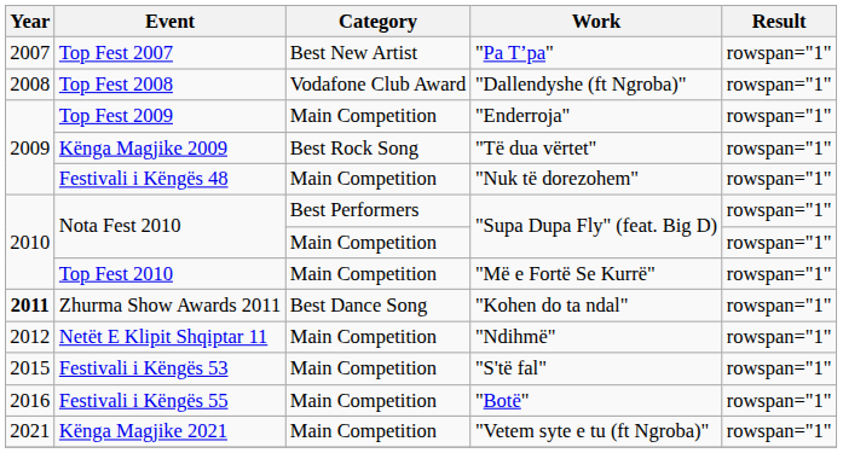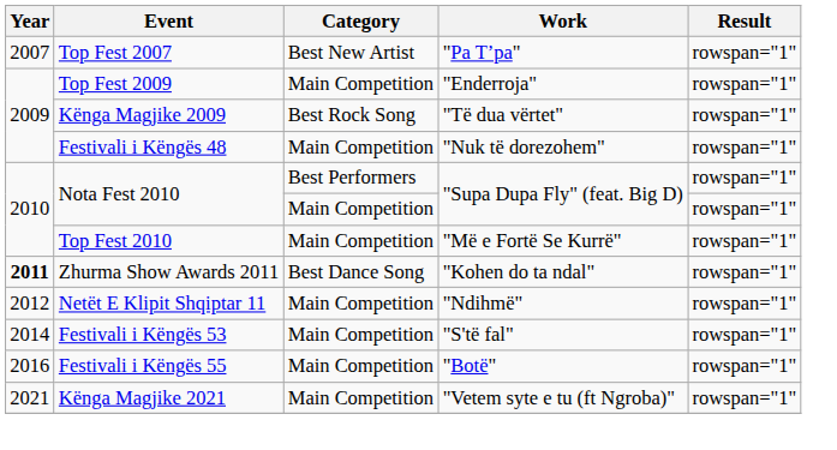 <table class="wikitable">
 <tr>
 <th scope="col">Year</th>
 <th scope="col">Event</th>
 <th scope="col">Category</th>
 <th scope="col">Work</th>
 <th scope="col">Result</th>
 </tr>
 <tr>
 <td rowspan="1" style="text-align:center;">2007</td>
 <td><a href='#'>Top Fest 2007</a></td>
 <td>Best New Artist</td>
 <td>"<a href='#'>Pa T’pa</a>"</td>
-<td>rowspan="1" </td>
-</tr>
-<tr>
-<td rowspan="1" style="text-align:center;">2008</td>
-<td><a href='#'>Top Fest 2008</a></td>
-<td>Vodafone Club Award</td>
-<td>"Dallendyshe (ft Ngroba)"</td>
 <td>rowspan="1" </td>
 </tr>
 <tr>
 <td rowspan="3" style="text-align:center;">2009</td>
 <td><a href='#'>Top Fest 2009</a></td>
 <td>Main Competition</td>
 <td>"Enderroja"</td>
 <td>rowspan="1" </td>
 </tr>
 <tr>
 <td><a href='#'>Kënga Magjike 2009</a></td>
 <td>Best Rock Song</td>
 <td>"Të dua vërtet"</td>
 <td>rowspan="1" </td>
 </tr>
 <tr>
 <td><a href='#'>Festivali i Këngës 48</a></td>
 <td>Main Competition</td>
 <td>"Nuk të dorezohem"</td>
 <td>rowspan="1" </td>
 </tr>
 <tr>
 <td rowspan="3" style="text-align:center;">2010</td>
 <td rowspan=2>Nota Fest 2010</td>
 <td>Best Performers</td>
 <td rowspan=2>"Supa Dupa Fly" (feat. Big D)</td>
 <td>rowspan="1" </td>
 </tr>
 <tr>
 <td>Main Competition</td>
 <td>rowspan="1" </td>
 </tr>
 <tr>
 <td><a href='#'>Top Fest 2010</a></td>
 <td>Main Competition</td>
 <td>"Më e Fortë Se Kurrë"</td>
 <td>rowspan="1" </td>
 </tr>
 <tr>
 <td rowspan="1" style="text-align:center;"><strong>2011</strong></td>
 <td>Zhurma Show Awards 2011</td>
 <td>Best Dance Song</td>
 <td>"Kohen do ta ndal"</td>
 <td>rowspan="1" </td>
 </tr>
 <tr>
 <td rowspan="1" style="text-align:center;">2012</td>
 <td><a href='#'>Netët E Klipit Shqiptar 11</a></td>
 <td>Main Competition</td>
 <td>"Ndihmë"</td>
 <td>rowspan="1" </td>
 </tr>
 <tr>
-<td rowspan="1" style="text-align:center;">2015</td>
+<td rowspan="1" style="text-align:center;">2014</td>
 <td><a href='#'>Festivali i Këngës 53</a></td>
 <td>Main Competition</td>
 <td>"S'të fal"</td>
 <td>rowspan="1" </td>
 </tr>
 <tr>
 <td rowspan="1" style="text-align:center;">2016</td>
 <td><a href='#'>Festivali i Këngës 55</a></td>
 <td>Main Competition</td>
 <td>"<a href='#'>Botë</a>"</td>
 <td>rowspan="1" </td>
 </tr>
 <tr>
 <td rowspan="1" style="text-align:center;">2021</td>
 <td><a href='#'>Kënga Magjike 2021</a></td>
 <td>Main Competition</td>
 <td>"Vetem syte e tu (ft Ngroba)"</td>
 <td>rowspan="1" </td>
 </tr>
 <tr>
 </tr>
 </table>
